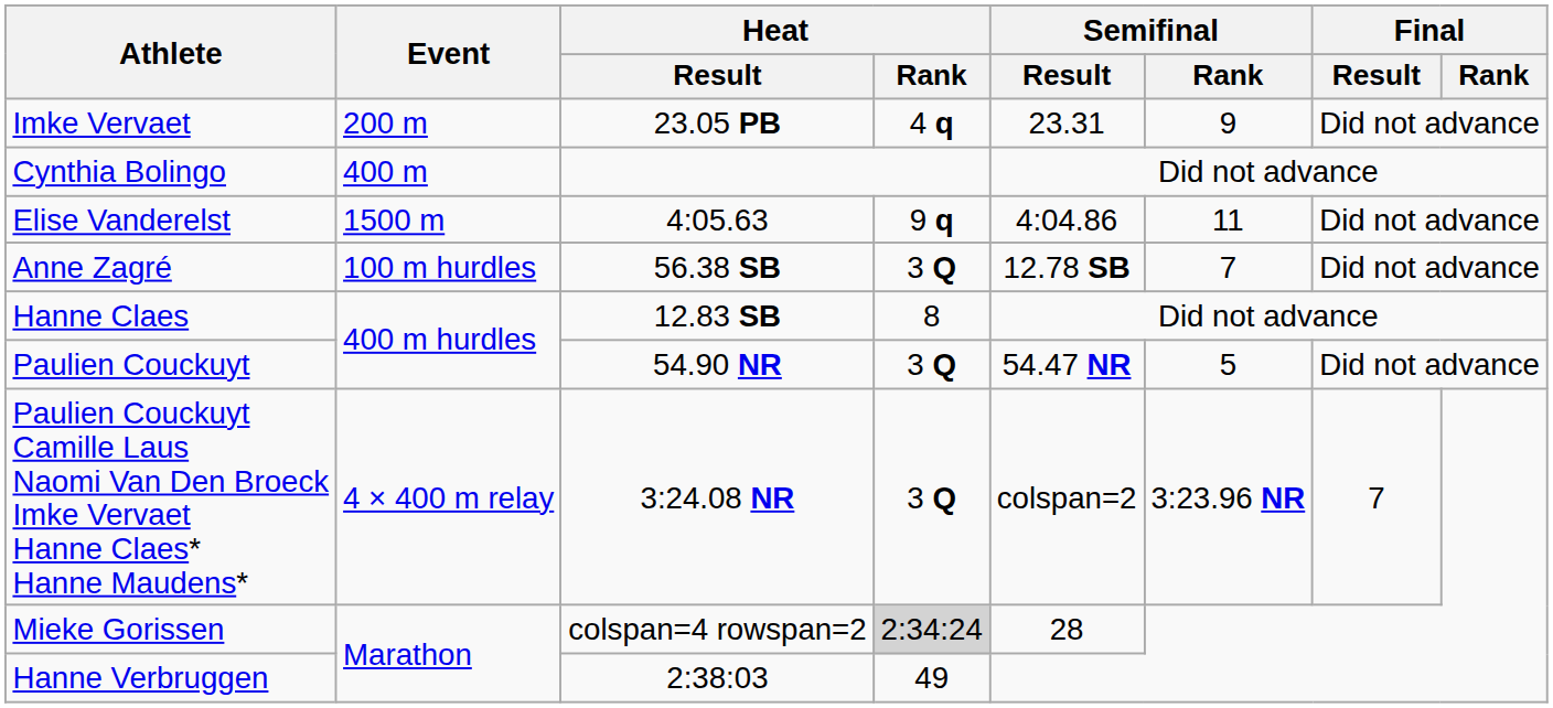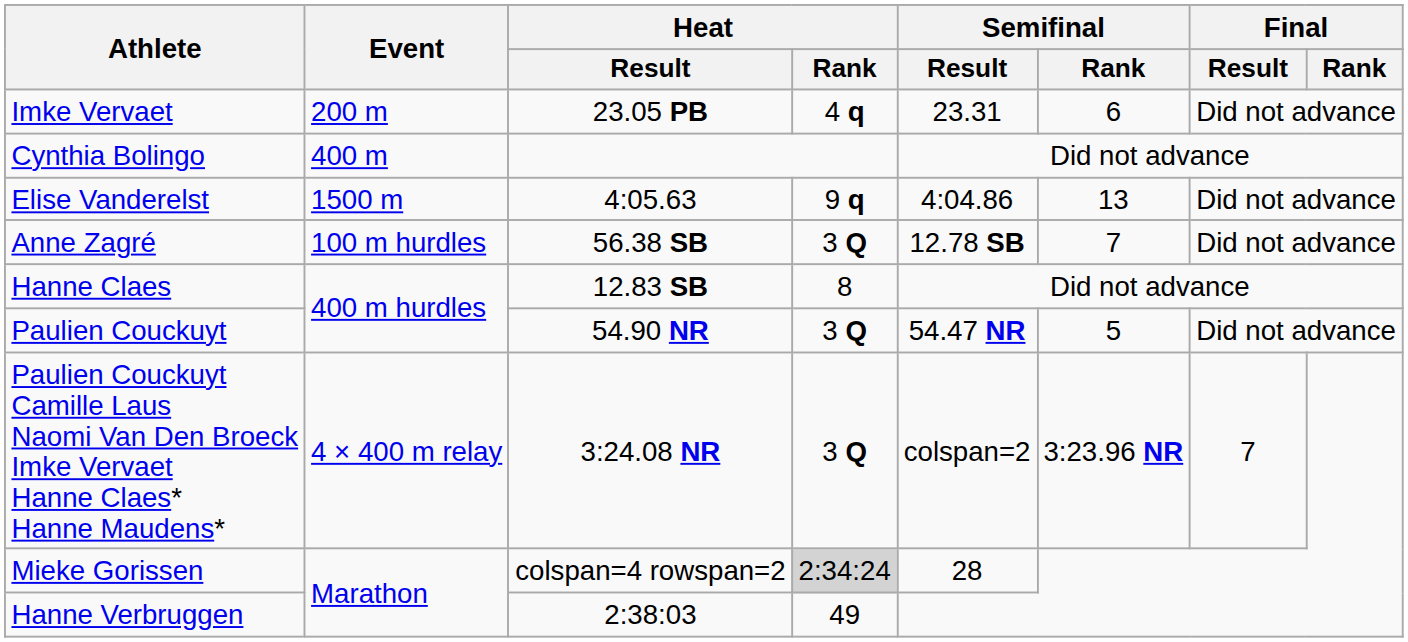 <table class="wikitable" style="font-size:90%">
 <tr>
 <th rowspan="2">Athlete</th>
 <th rowspan="2">Event</th>
 <th colspan="2">Heat</th>
 <th colspan="2">Semifinal</th>
 <th colspan="2">Final</th>
 </tr>
 <tr style="font-size:95%">
 <th>Result</th>
 <th>Rank</th>
 <th>Result</th>
 <th>Rank</th>
 <th>Result</th>
 <th>Rank</th>
 </tr>
 <tr align="center">
 <td align="left"><a href='#'>Imke Vervaet</a></td>
 <td align="left"><a href='#'>200 m</a></td>
 <td>23.05 <strong>PB</strong></td>
 <td>4 <strong>q</strong></td>
 <td>23.31</td>
-<td>9</td>
+<td>6</td>
 <td colspan="2">Did not advance</td>
 </tr>
 <tr align=center>
 <td align=left><a href='#'>Cynthia Bolingo</a></td>
 <td align=left><a href='#'>400 m</a></td>
 <td colspan=2></td>
 <td colspan=4>Did not advance</td>
 </tr>
 <tr align="center">
 <td align="left"><a href='#'>Elise Vanderelst</a></td>
 <td align="left"><a href='#'>1500 m</a></td>
 <td>4:05.63</td>
 <td>9 <strong>q</strong></td>
 <td>4:04.86</td>
-<td>11</td>
+<td>13</td>
 <td colspan="2">Did not advance</td>
 </tr>
 <tr align=center>
 <td align=left><a href='#'>Anne Zagré</a></td>
 <td align=left><a href='#'>100 m hurdles</a></td>
 <td>56.38 <strong>SB</strong></td>
 <td>3 <strong>Q</strong></td>
 <td>12.78 <strong>SB</strong></td>
 <td>7</td>
 <td colspan=2>Did not advance</td>
 </tr>
 <tr align="center">
 <td align="left"><a href='#'>Hanne Claes</a></td>
 <td rowspan="2" align="left"><a href='#'>400 m hurdles</a></td>
 <td>12.83 <strong>SB</strong></td>
 <td>8</td>
 <td colspan="4">Did not advance</td>
 </tr>
 <tr align="center">
 <td align="left"><a href='#'>Paulien Couckuyt</a></td>
 <td>54.90 <strong><a href='#'>NR</a></strong></td>
 <td>3 <strong>Q</strong></td>
 <td>54.47 <strong><a href='#'>NR</a></strong></td>
 <td>5</td>
 <td colspan="2">Did not advance</td>
 </tr>
 <tr align=center>
 <td align=left><a href='#'>Paulien Couckuyt</a><br><a href='#'>Camille Laus</a><br><a href='#'>Naomi Van Den Broeck</a><br><a href='#'>Imke Vervaet</a><br><a href='#'>Hanne Claes</a>*<br><a href='#'>Hanne Maudens</a>*</td>
 <td align=left><a href='#'>4 × 400 m relay</a></td>
 <td>3:24.08 <strong><a href='#'>NR</a></strong></td>
 <td>3 <strong>Q</strong></td>
 <td>colspan=2 </td>
 <td>3:23.96 <strong><a href='#'>NR</a></strong></td>
 <td>7</td>
 </tr>
 <tr align="center">
 <td align="left"><a href='#'>Mieke Gorissen</a></td>
 <td rowspan="2" align="left"><a href='#'>Marathon</a></td>
 <td>colspan=4 rowspan=2 </td>
 <td style="background: lightgrey;">2:34:24</td>
 <td>28</td>
 </tr>
 <tr align="center">
 <td align="left"><a href='#'>Hanne Verbruggen</a></td>
 <td>2:38:03</td>
 <td>49</td>
 </tr>
 </table>
